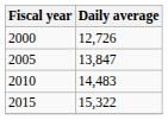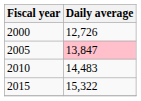 <table class="wikitable">
 <tr>
 <th>Fiscal year</th>
 <th>Daily average</th>
 </tr>
 <tr>
 <td>2000</td>
 <td>12,726</td>
 </tr>
 <tr>
 <td>2005</td>
-<td>13,847</td>
+<td style="background: pink;">13,847</td>
 </tr>
 <tr>
 <td>2010</td>
 <td>14,483</td>
 </tr>
 <tr>
 <td>2015</td>
 <td>15,322</td>
 </tr>
 <tr>
 </tr>
 </table>
